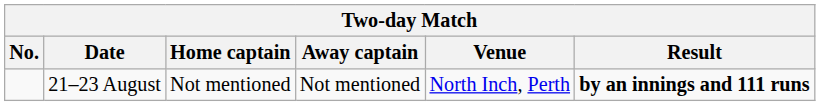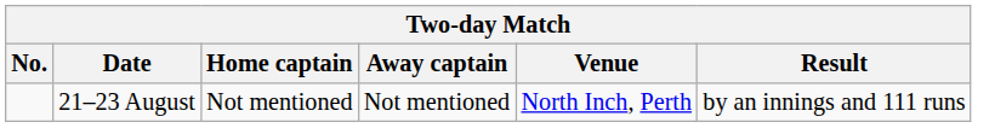 <table class="wikitable">
 <tr>
 <th colspan="9">Two-day Match</th>
 </tr>
 <tr>
 <th>No.</th>
 <th>Date</th>
 <th>Home captain</th>
 <th>Away captain</th>
 <th>Venue</th>
 <th>Result</th>
 </tr>
 <tr>
 <td></td>
 <td>21–23 August</td>
 <td>Not mentioned</td>
 <td>Not mentioned</td>
 <td><a href='#'>North Inch</a>, <a href='#'>Perth</a></td>
-<td><strong> by an innings and 111 runs</strong></td>
+<td> by an innings and 111 runs</td>
 </tr>
 </table>
